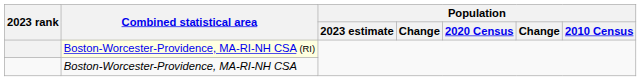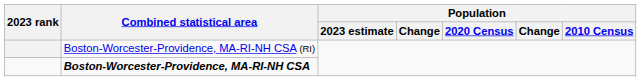 <table class="wikitable sortable">
 <tr>
 <th scope=col rowspan=2>2023 rank</th>
 <th scope=col rowspan=2><a href='#'>Combined statistical area</a></th>
 <th colspan=5>Population</th>
 </tr>
 <tr>
 <th scope=col>2023 estimate</th>
 <th scope=col>Change</th>
 <th scope=col><a href='#'>2020 Census</a></th>
 <th scope=col>Change</th>
 <th scope=col><a href='#'>2010 Census</a></th>
 </tr>
 <tr>
 <th scope=row></th>
-<td style="background: lightyellow;"><a href='#'>Boston-Worcester-Providence, MA-RI-NH CSA</a> <small>(RI)</small><br></td>
+<td><a href='#'>Boston-Worcester-Providence, MA-RI-NH CSA</a> <small>(RI)</small><br></td>
 </tr>
 <tr>
 <td></td>
-<td><em><span>Boston-Worcester-Providence, MA-RI-NH CSA</span></em><br></td>
+<td><strong><em><span>Boston-Worcester-Providence, MA-RI-NH CSA</span></em><br></strong></td>
 </tr>
 </table>
